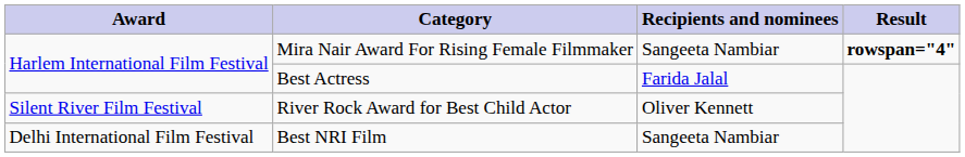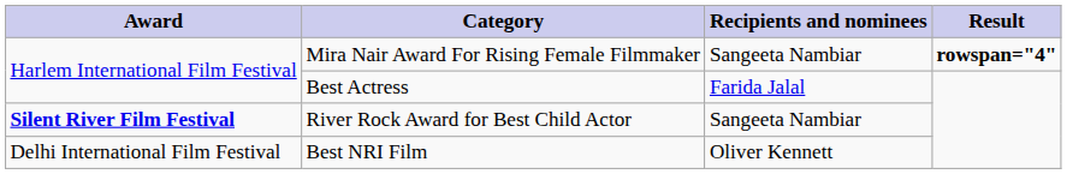 <table class="wikitable" style="font-size: 100%;">
 <tr align="center">
 <th style="background:#CCCCEE;">Award</th>
 <th style="background:#CCCCEE;">Category</th>
 <th style="background:#CCCCEE;">Recipients and nominees</th>
 <th style="background:#CCCCEE;">Result</th>
 </tr>
 <tr>
 <td rowspan="2"><a href='#'>Harlem International Film Festival</a></td>
 <td>Mira Nair Award For Rising Female Filmmaker</td>
 <td>Sangeeta Nambiar</td>
 <td><strong>rowspan="4" </strong></td>
 </tr>
 <tr>
 <td>Best Actress</td>
 <td><a href='#'>Farida Jalal</a></td>
 </tr>
 <tr>
-<td><a href='#'>Silent River Film Festival</a></td>
+<td><strong><a href='#'>Silent River Film Festival</a></strong></td>
 <td>River Rock Award for Best Child Actor</td>
-<td>Oliver Kennett</td>
+<td>Sangeeta Nambiar</td>
 </tr>
 <tr>
 <td>Delhi International Film Festival</td>
 <td>Best NRI Film</td>
-<td>Sangeeta Nambiar</td>
+<td>Oliver Kennett</td>
 </tr>
 </table>
